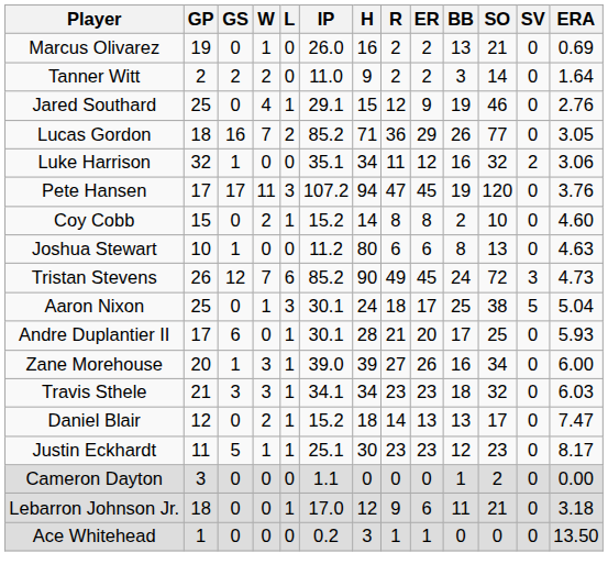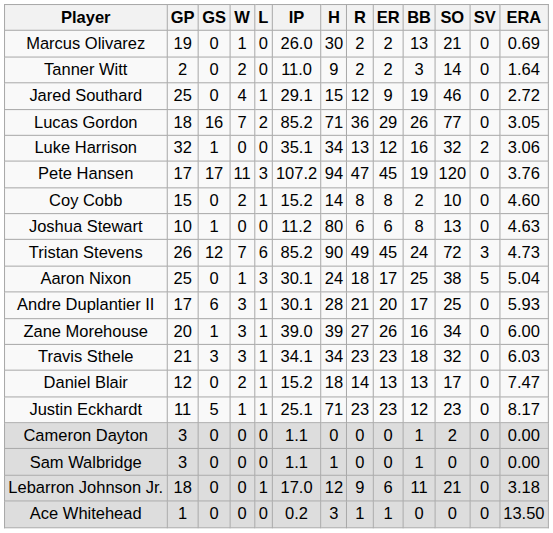 <table class="wikitable sortable">
 <tr>
 <th>Player</th>
 <th>GP</th>
 <th>GS</th>
 <th>W</th>
 <th>L</th>
 <th>IP</th>
 <th>H</th>
 <th>R</th>
 <th>ER</th>
 <th>BB</th>
 <th>SO</th>
 <th>SV</th>
 <th>ERA</th>
 </tr>
 <tr style="text-align:center;">
 <td>Marcus Olivarez</td>
 <td>19</td>
 <td>0</td>
 <td>1</td>
 <td>0</td>
 <td>26.0</td>
-<td>16</td>
+<td>30</td>
 <td>2</td>
 <td>2</td>
 <td>13</td>
 <td>21</td>
 <td>0</td>
 <td>0.69</td>
 </tr>
 <tr style="text-align:center;">
 <td>Tanner Witt</td>
 <td>2</td>
-<td>2</td>
+<td>0</td>
 <td>2</td>
 <td>0</td>
 <td>11.0</td>
 <td>9</td>
 <td>2</td>
 <td>2</td>
 <td>3</td>
 <td>14</td>
 <td>0</td>
 <td>1.64</td>
 </tr>
 <tr style="text-align:center;">
 <td>Jared Southard</td>
 <td>25</td>
 <td>0</td>
 <td>4</td>
 <td>1</td>
 <td>29.1</td>
 <td>15</td>
 <td>12</td>
 <td>9</td>
 <td>19</td>
 <td>46</td>
 <td>0</td>
-<td>2.76</td>
+<td>2.72</td>
 </tr>
 <tr style="text-align:center;">
 <td>Lucas Gordon</td>
 <td>18</td>
 <td>16</td>
 <td>7</td>
 <td>2</td>
 <td>85.2</td>
 <td>71</td>
 <td>36</td>
 <td>29</td>
 <td>26</td>
 <td>77</td>
 <td>0</td>
 <td>3.05</td>
 </tr>
 <tr style="text-align:center;">
 <td>Luke Harrison</td>
 <td>32</td>
 <td>1</td>
 <td>0</td>
 <td>0</td>
 <td>35.1</td>
 <td>34</td>
-<td>11</td>
+<td>13</td>
 <td>12</td>
 <td>16</td>
 <td>32</td>
 <td>2</td>
 <td>3.06</td>
 </tr>
 <tr style="text-align:center;">
 <td>Pete Hansen</td>
 <td>17</td>
 <td>17</td>
 <td>11</td>
 <td>3</td>
 <td>107.2</td>
 <td>94</td>
 <td>47</td>
 <td>45</td>
 <td>19</td>
 <td>120</td>
 <td>0</td>
 <td>3.76</td>
 </tr>
 <tr style="text-align:center;">
 <td>Coy Cobb</td>
 <td>15</td>
 <td>0</td>
 <td>2</td>
 <td>1</td>
 <td>15.2</td>
 <td>14</td>
 <td>8</td>
 <td>8</td>
 <td>2</td>
 <td>10</td>
 <td>0</td>
 <td>4.60</td>
 </tr>
 <tr style="text-align:center;">
 <td>Joshua Stewart</td>
 <td>10</td>
 <td>1</td>
 <td>0</td>
 <td>0</td>
 <td>11.2</td>
 <td>80</td>
 <td>6</td>
 <td>6</td>
 <td>8</td>
 <td>13</td>
 <td>0</td>
 <td>4.63</td>
 </tr>
 <tr style="text-align:center;">
 <td>Tristan Stevens</td>
 <td>26</td>
 <td>12</td>
 <td>7</td>
 <td>6</td>
 <td>85.2</td>
 <td>90</td>
 <td>49</td>
 <td>45</td>
 <td>24</td>
 <td>72</td>
 <td>3</td>
 <td>4.73</td>
 </tr>
 <tr style="text-align:center;">
 <td>Aaron Nixon</td>
 <td>25</td>
 <td>0</td>
 <td>1</td>
 <td>3</td>
 <td>30.1</td>
 <td>24</td>
 <td>18</td>
 <td>17</td>
 <td>25</td>
 <td>38</td>
 <td>5</td>
 <td>5.04</td>
 </tr>
 <tr style="text-align:center;">
 <td>Andre Duplantier II</td>
 <td>17</td>
 <td>6</td>
-<td>0</td>
+<td>3</td>
 <td>1</td>
 <td>30.1</td>
 <td>28</td>
 <td>21</td>
 <td>20</td>
 <td>17</td>
 <td>25</td>
 <td>0</td>
 <td>5.93</td>
 </tr>
 <tr style="text-align:center;">
 <td>Zane Morehouse</td>
 <td>20</td>
 <td>1</td>
 <td>3</td>
 <td>1</td>
 <td>39.0</td>
 <td>39</td>
 <td>27</td>
 <td>26</td>
 <td>16</td>
 <td>34</td>
 <td>0</td>
 <td>6.00</td>
 </tr>
 <tr style="text-align:center;">
 <td>Travis Sthele</td>
 <td>21</td>
 <td>3</td>
 <td>3</td>
 <td>1</td>
 <td>34.1</td>
 <td>34</td>
 <td>23</td>
 <td>23</td>
 <td>18</td>
 <td>32</td>
 <td>0</td>
 <td>6.03</td>
 </tr>
 <tr style="text-align:center;">
 <td>Daniel Blair</td>
 <td>12</td>
 <td>0</td>
 <td>2</td>
 <td>1</td>
 <td>15.2</td>
 <td>18</td>
 <td>14</td>
 <td>13</td>
 <td>13</td>
 <td>17</td>
 <td>0</td>
 <td>7.47</td>
 </tr>
 <tr style="text-align:center;">
 <td>Justin Eckhardt</td>
 <td>11</td>
 <td>5</td>
 <td>1</td>
 <td>1</td>
 <td>25.1</td>
-<td>30</td>
+<td>71</td>
 <td>23</td>
 <td>23</td>
 <td>12</td>
 <td>23</td>
 <td>0</td>
 <td>8.17</td>
 </tr>
 <tr style="background:#dddddd; text-align:center;">
 <td>Cameron Dayton</td>
 <td>3</td>
 <td>0</td>
 <td>0</td>
 <td>0</td>
 <td>1.1</td>
 <td>0</td>
 <td>0</td>
 <td>0</td>
 <td>1</td>
 <td>2</td>
+<td>0</td>
+<td>0.00</td>
+</tr>
+<tr style="background:#dddddd; text-align:center;">
+<td>Sam Walbridge</td>
+<td>3</td>
+<td>0</td>
+<td>0</td>
+<td>0</td>
+<td>1.1</td>
+<td>1</td>
+<td>0</td>
+<td>0</td>
+<td>1</td>
+<td>0</td>
 <td>0</td>
 <td>0.00</td>
 </tr>
 <tr style="background:#dddddd; text-align:center;">
 <td>Lebarron Johnson Jr.</td>
 <td>18</td>
 <td>0</td>
 <td>0</td>
 <td>1</td>
 <td>17.0</td>
 <td>12</td>
 <td>9</td>
 <td>6</td>
 <td>11</td>
 <td>21</td>
 <td>0</td>
 <td>3.18</td>
 </tr>
 <tr style="background:#dddddd; text-align:center;">
 <td>Ace Whitehead</td>
 <td>1</td>
 <td>0</td>
 <td>0</td>
 <td>0</td>
 <td>0.2</td>
 <td>3</td>
 <td>1</td>
 <td>1</td>
 <td>0</td>
 <td>0</td>
 <td>0</td>
 <td>13.50</td>
 </tr>
 </table>
